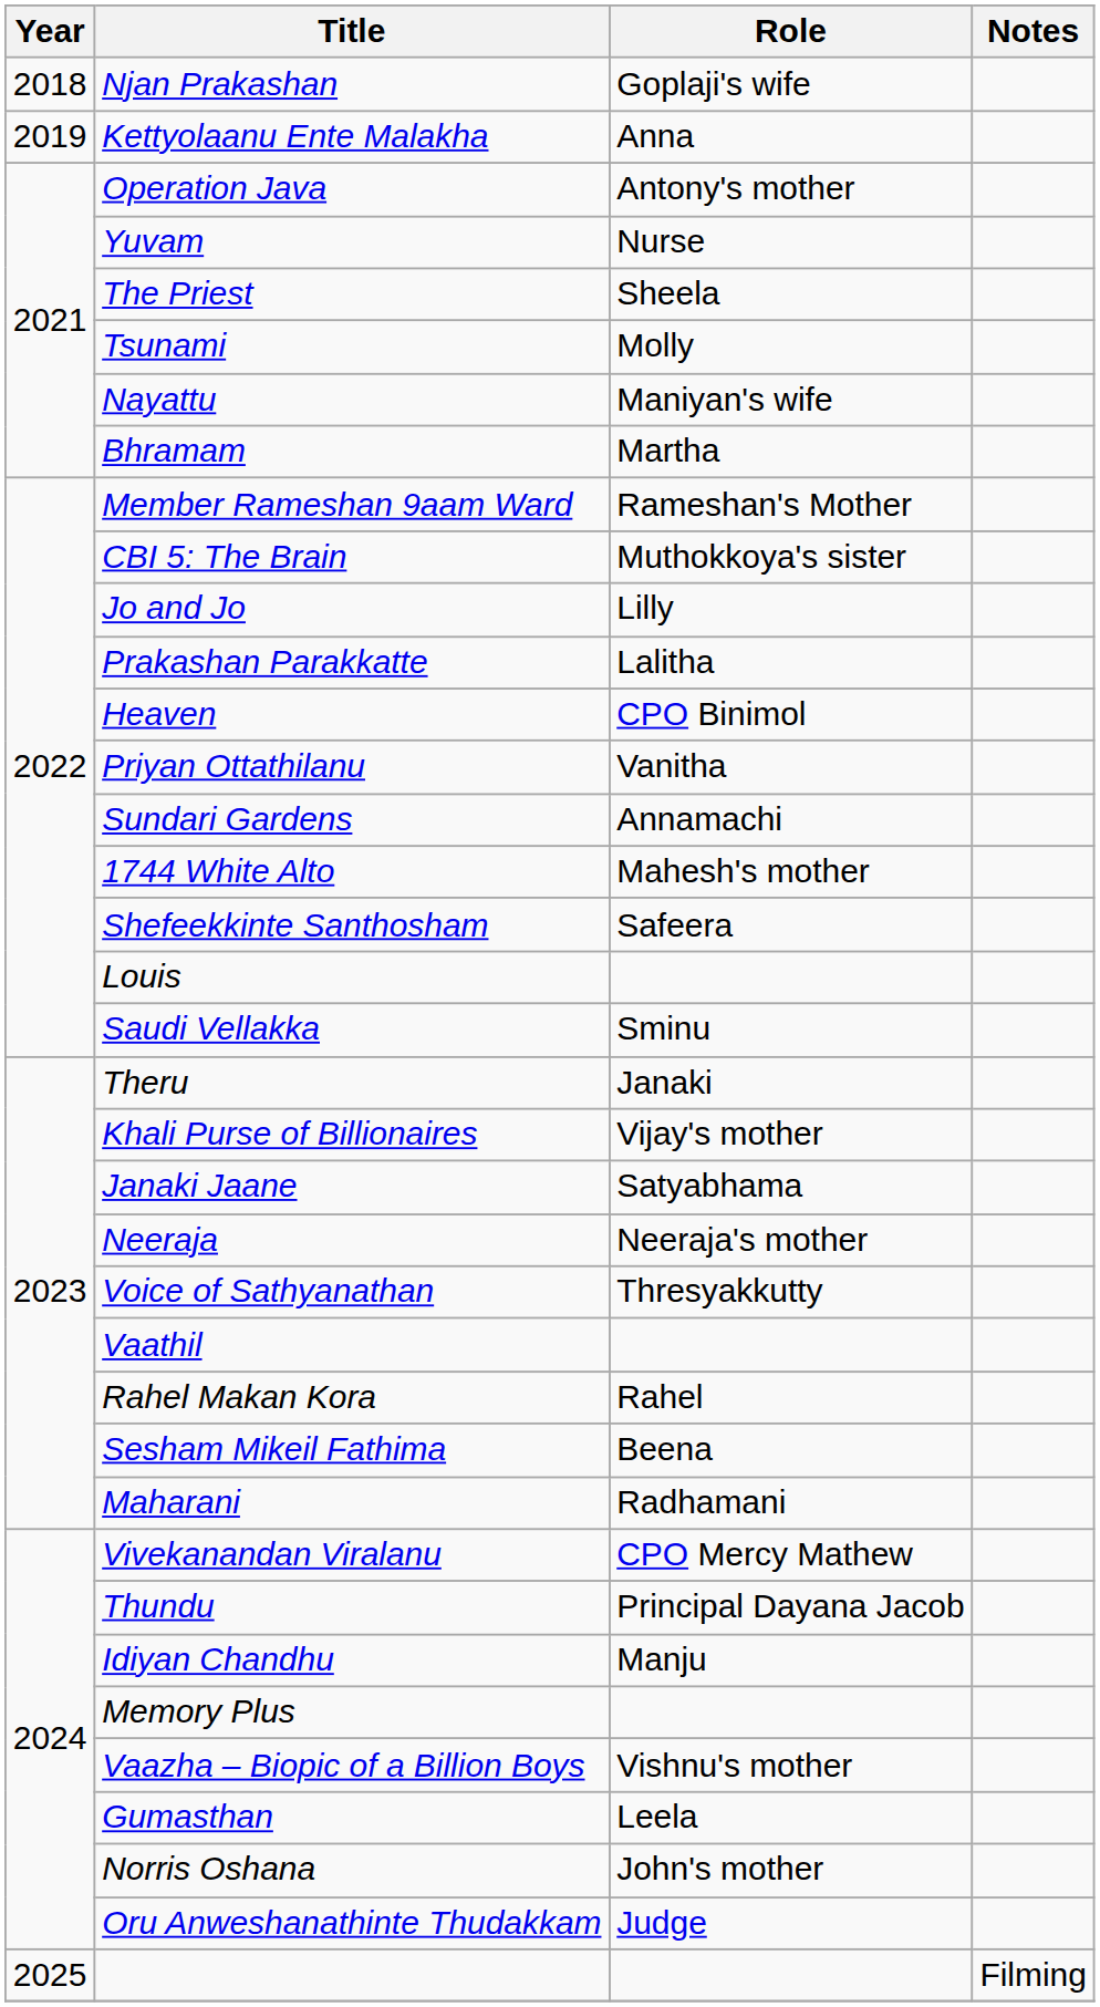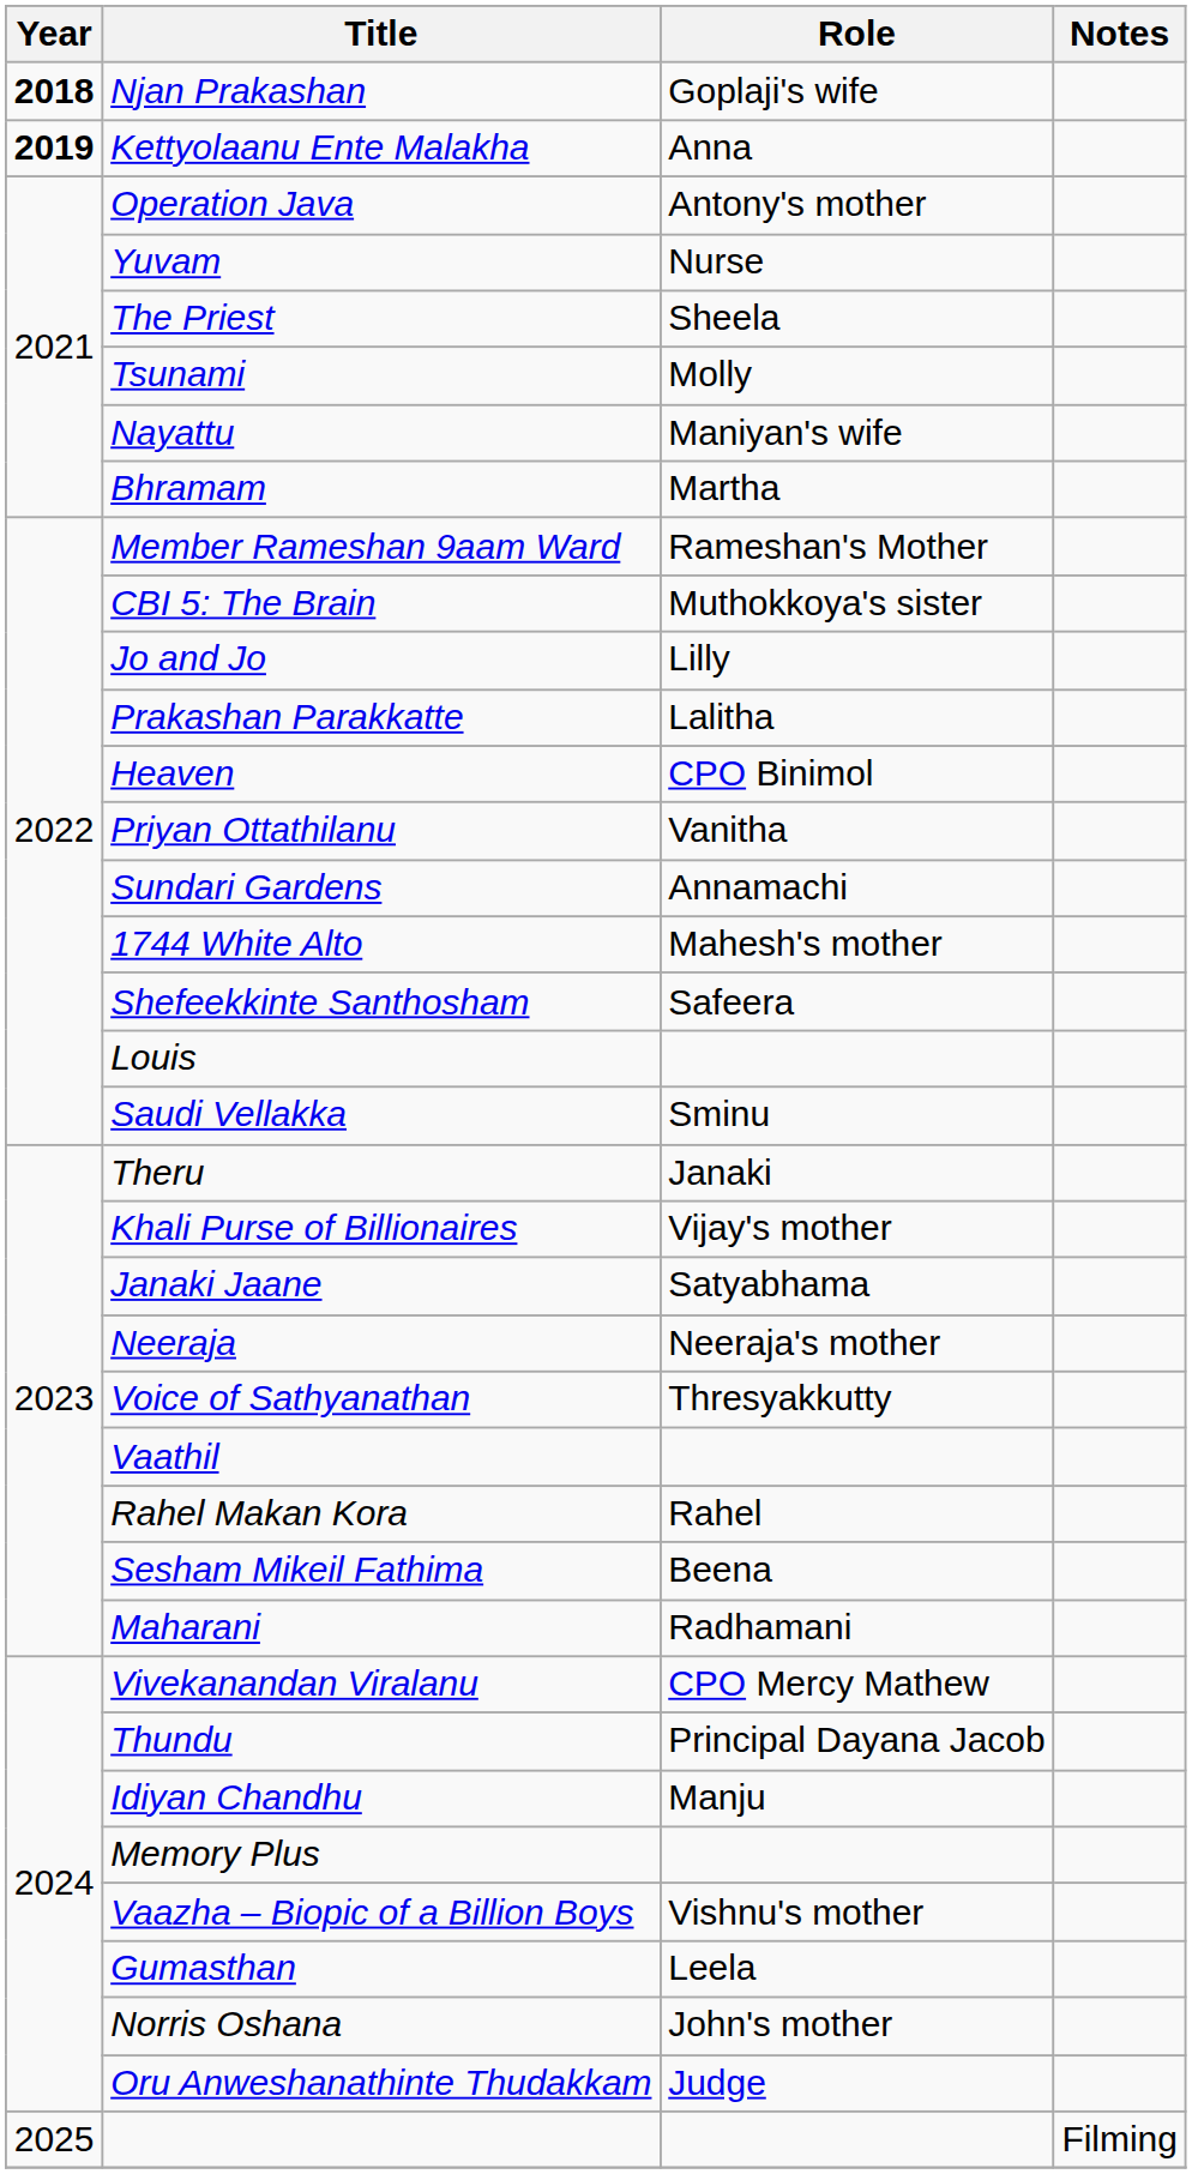 <table class="wikitable sortable">
 <tr>
 <th>Year</th>
 <th>Title</th>
 <th>Role</th>
 <th class="unsortable">Notes</th>
 </tr>
 <tr>
-<td rowspan=1>2018</td>
+<td rowspan=1><strong>2018</strong></td>
 <td><em><a href='#'>Njan Prakashan</a></em></td>
 <td>Goplaji's wife</td>
 <td></td>
 </tr>
 <tr>
-<td rowspan=1>2019</td>
+<td rowspan=1><strong>2019</strong></td>
 <td><em><a href='#'>Kettyolaanu Ente Malakha</a></em></td>
 <td>Anna</td>
 <td></td>
 </tr>
 <tr>
 <td rowspan=6>2021</td>
 <td><em><a href='#'>Operation Java</a></em></td>
 <td>Antony's mother</td>
 <td></td>
 </tr>
 <tr>
 <td><em><a href='#'>Yuvam</a></em></td>
 <td>Nurse</td>
 <td></td>
 </tr>
 <tr>
 <td><em><a href='#'>The Priest</a></em></td>
 <td>Sheela</td>
 <td></td>
 </tr>
 <tr>
 <td><em><a href='#'>Tsunami</a></em></td>
 <td>Molly</td>
 <td></td>
 </tr>
 <tr>
 <td><em><a href='#'>Nayattu</a></em></td>
 <td>Maniyan's wife</td>
 <td></td>
 </tr>
 <tr>
 <td><em><a href='#'>Bhramam</a></em></td>
 <td>Martha</td>
 <td></td>
 </tr>
 <tr>
 <td rowspan=11>2022</td>
 <td><em><a href='#'>Member Rameshan 9aam Ward</a></em></td>
 <td>Rameshan's Mother</td>
 <td></td>
 </tr>
 <tr>
 <td><em><a href='#'>CBI 5: The Brain</a></em></td>
 <td>Muthokkoya's sister</td>
 <td></td>
 </tr>
 <tr>
 <td><em><a href='#'>Jo and Jo</a></em></td>
 <td>Lilly</td>
 <td></td>
 </tr>
 <tr>
 <td><em><a href='#'>Prakashan Parakkatte</a></em></td>
 <td>Lalitha</td>
 <td></td>
 </tr>
 <tr>
 <td><em><a href='#'>Heaven</a></em></td>
 <td><a href='#'>CPO</a> Binimol</td>
 <td></td>
 </tr>
 <tr>
 <td><em><a href='#'>Priyan Ottathilanu</a></em></td>
 <td>Vanitha</td>
 <td></td>
 </tr>
 <tr>
 <td><em><a href='#'>Sundari Gardens</a></em></td>
 <td>Annamachi</td>
 <td></td>
 </tr>
 <tr>
 <td><em><a href='#'>1744 White Alto</a></em></td>
 <td>Mahesh's mother</td>
 <td></td>
 </tr>
 <tr>
 <td><em><a href='#'>Shefeekkinte Santhosham</a></em></td>
 <td>Safeera</td>
 <td></td>
 </tr>
 <tr>
 <td><em>Louis</em></td>
 <td></td>
 <td></td>
 </tr>
 <tr>
 <td><em><a href='#'>Saudi Vellakka</a></em></td>
 <td>Sminu</td>
 <td></td>
 </tr>
 <tr>
 <td rowspan=9>2023</td>
 <td><em>Theru</em></td>
 <td>Janaki</td>
 <td></td>
 </tr>
 <tr>
 <td><em><a href='#'>Khali Purse of Billionaires</a></em></td>
 <td>Vijay's mother</td>
 <td></td>
 </tr>
 <tr>
 <td><em><a href='#'>Janaki Jaane</a></em></td>
 <td>Satyabhama</td>
 <td></td>
 </tr>
 <tr>
 <td><em><a href='#'>Neeraja</a></em></td>
 <td>Neeraja's mother</td>
 <td></td>
 </tr>
 <tr>
 <td><em><a href='#'>Voice of Sathyanathan</a></em></td>
 <td>Thresyakkutty</td>
 <td></td>
 </tr>
 <tr>
 <td><em><a href='#'>Vaathil</a></em></td>
 <td></td>
 <td></td>
 </tr>
 <tr>
 <td><em>Rahel Makan Kora</em></td>
 <td>Rahel</td>
 <td></td>
 </tr>
 <tr>
 <td><em><a href='#'>Sesham Mikeil Fathima</a></em></td>
 <td>Beena</td>
 <td></td>
 </tr>
 <tr>
 <td><em><a href='#'>Maharani</a></em></td>
 <td>Radhamani</td>
 <td></td>
 </tr>
 <tr>
 <td rowspan=8>2024</td>
 <td><em><a href='#'>Vivekanandan Viralanu</a></em></td>
 <td><a href='#'>CPO</a> Mercy Mathew</td>
 <td></td>
 </tr>
 <tr>
 <td><em><a href='#'>Thundu</a></em></td>
 <td>Principal Dayana Jacob</td>
 <td></td>
 </tr>
 <tr>
 <td><em><a href='#'>Idiyan Chandhu</a></em></td>
 <td>Manju</td>
 <td></td>
 </tr>
 <tr>
 <td><em>Memory Plus</em></td>
 <td></td>
 <td></td>
 </tr>
 <tr>
 <td><em><a href='#'>Vaazha – Biopic of a Billion Boys</a></em></td>
 <td>Vishnu's mother</td>
 <td></td>
 </tr>
 <tr>
 <td><em><a href='#'>Gumasthan</a></em></td>
 <td>Leela</td>
 <td></td>
 </tr>
 <tr>
 <td><em>Norris Oshana</em></td>
 <td>John's mother</td>
 <td></td>
 </tr>
 <tr>
 <td><em><a href='#'>Oru Anweshanathinte Thudakkam</a></em></td>
 <td><a href='#'>Judge</a></td>
 <td></td>
 </tr>
 <tr>
 <td rowspan="1">2025</td>
 <td></td>
 <td></td>
 <td>Filming</td>
 </tr>
 <tr>
 </tr>
 </table>
